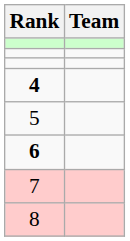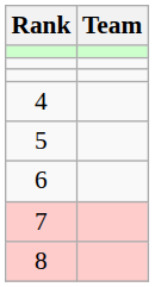 <table class="wikitable">
 <tr>
 <th>Rank</th>
 <th>Team</th>
 </tr>
 <tr bgcolor=#ccffcc>
 <td align=center></td>
 <td></td>
 </tr>
 <tr>
 <td align=center></td>
 <td></td>
 </tr>
 <tr>
 <td align=center></td>
 <td></td>
 </tr>
 <tr>
-<td align=center><strong>4</strong></td>
+<td align=center>4</td>
 <td></td>
 </tr>
 <tr>
 <td align=center>5</td>
 <td></td>
 </tr>
 <tr>
-<td align=center><strong>6</strong></td>
+<td align=center>6</td>
 <td></td>
 </tr>
 <tr bgcolor=#ffcccc>
 <td align=center>7</td>
 <td></td>
 </tr>
 <tr bgcolor=#ffcccc>
 <td align=center>8</td>
 <td></td>
 </tr>
 </table>
